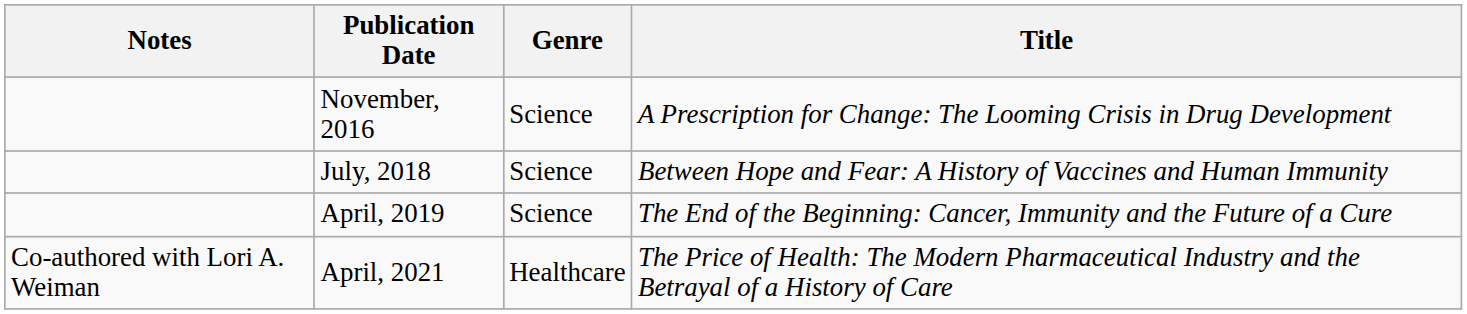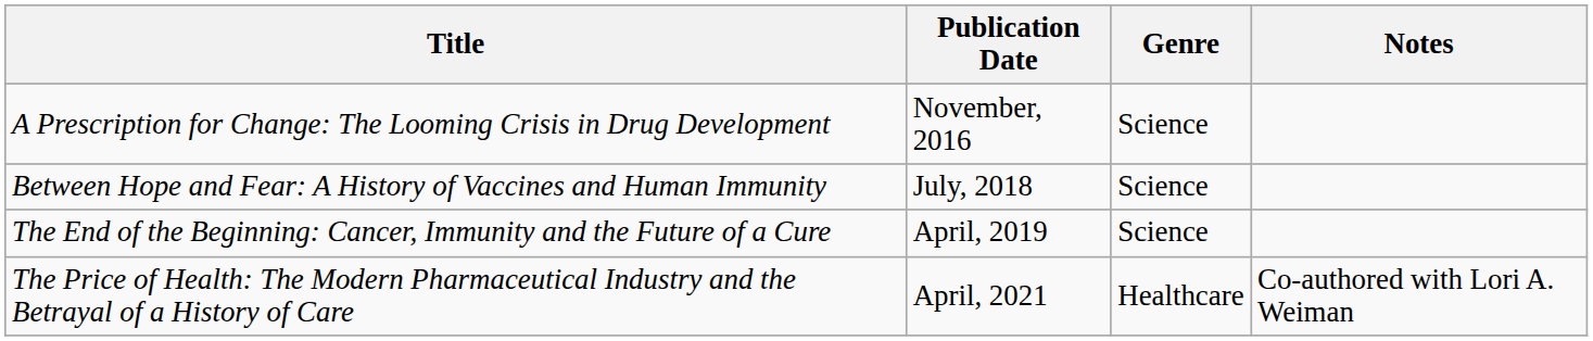 <table class="wikitable">
 <tr>
-<th>Notes</th>
+<th>Title</th>
 <th>Publication Date</th>
 <th>Genre</th>
-<th>Title</th>
+<th>Notes</th>
 </tr>
 <tr>
-<td></td>
+<td><em>A Prescription for Change: The Looming Crisis in Drug Development</em></td>
 <td>November, 2016</td>
 <td>Science</td>
-<td><em>A Prescription for Change: The Looming Crisis in Drug Development</em></td>
+<td></td>
 </tr>
 <tr>
-<td></td>
+<td><em>Between Hope and Fear: A History of Vaccines and Human Immunity</em></td>
 <td>July, 2018</td>
 <td>Science</td>
-<td><em>Between Hope and Fear: A History of Vaccines and Human Immunity</em></td>
+<td></td>
 </tr>
 <tr>
-<td></td>
+<td><em>The End of the Beginning: Cancer, Immunity and the Future of a Cure</em></td>
 <td>April, 2019</td>
 <td>Science</td>
-<td><em>The End of the Beginning: Cancer, Immunity and the Future of a Cure</em></td>
+<td></td>
 </tr>
 <tr>
-<td>Co-authored with Lori A. Weiman</td>
+<td><em>The Price of Health: The Modern Pharmaceutical Industry and the Betrayal of a History of Care</em></td>
 <td>April, 2021</td>
 <td>Healthcare</td>
-<td><em>The Price of Health: The Modern Pharmaceutical Industry and the Betrayal of a History of Care</em></td>
+<td>Co-authored with Lori A. Weiman</td>
 </tr>
 </table>
